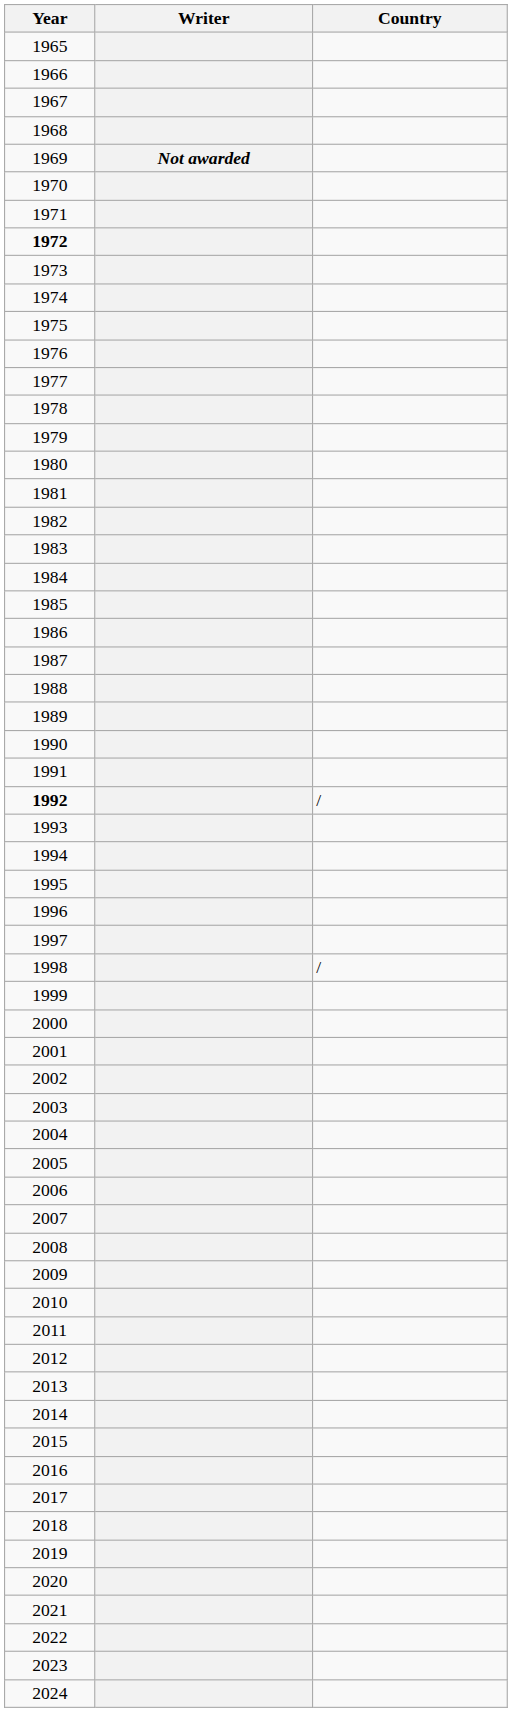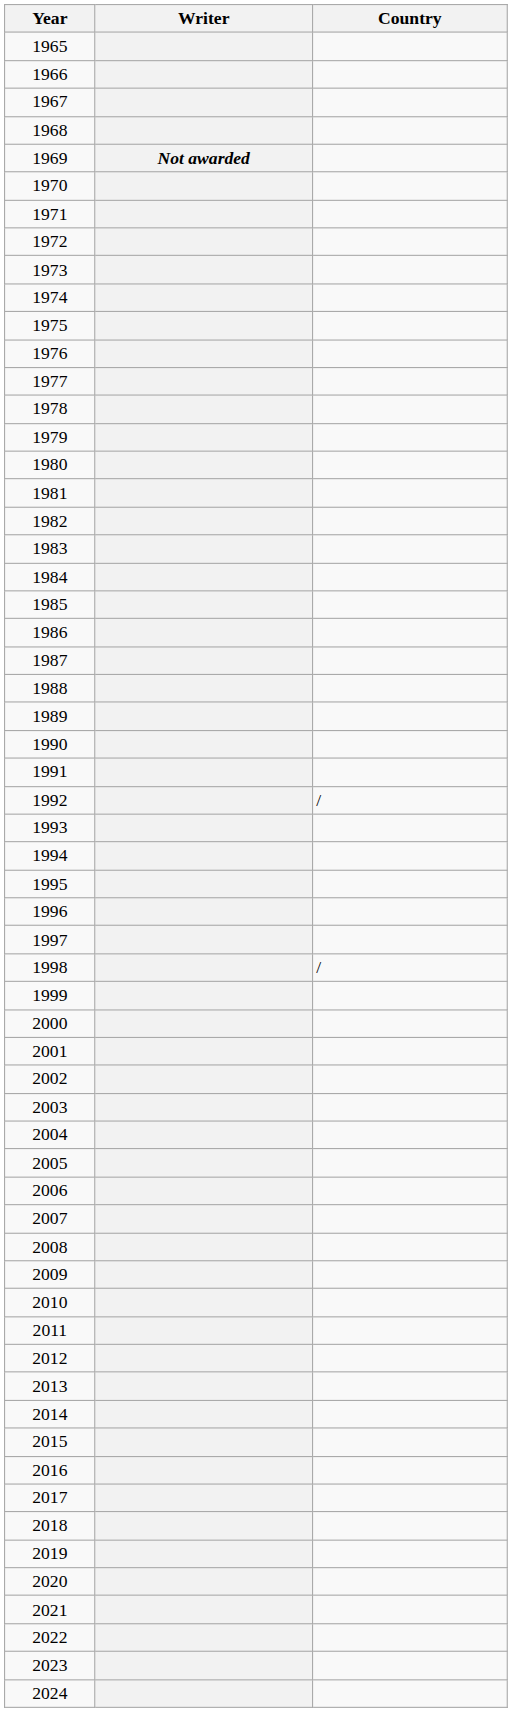 <table class="sortable wikitable plainrowheaders">
 <tr>
 <th scope="col" width=75>Year</th>
 <th scope="col" width=190>Writer</th>
 <th scope="col" width=170>Country</th>
 </tr>
 <tr>
 <td align=center>1965</td>
 <th scope=row></th>
 <td></td>
 </tr>
 <tr>
 <td align=center>1966</td>
 <th scope=row></th>
 <td></td>
 </tr>
 <tr>
 <td align=center>1967</td>
 <th scope=row></th>
 <td></td>
 </tr>
 <tr>
 <td align=center>1968</td>
 <th scope=row></th>
 <td></td>
 </tr>
 <tr>
 <td align=center>1969</td>
 <th scope=row><em>Not awarded</em></th>
 <td></td>
 </tr>
 <tr>
 <td align=center>1970</td>
 <th scope=row></th>
 <td></td>
 </tr>
 <tr>
 <td align=center>1971</td>
 <th scope=row></th>
 <td></td>
 </tr>
 <tr>
-<td align=center><strong>1972</strong></td>
+<td align=center>1972</td>
 <th scope=row></th>
 <td></td>
 </tr>
 <tr>
 <td align=center>1973</td>
 <th scope=row></th>
 <td></td>
 </tr>
 <tr>
 <td align=center>1974</td>
 <th scope=row></th>
 <td></td>
 </tr>
 <tr>
 <td align=center>1975</td>
 <th scope=row></th>
 <td></td>
 </tr>
 <tr>
 <td align=center>1976</td>
 <th scope=row></th>
 <td></td>
 </tr>
 <tr>
 <td align=center>1977</td>
 <th scope=row></th>
 <td></td>
 </tr>
 <tr>
 <td align=center>1978</td>
 <th scope=row></th>
 <td></td>
 </tr>
 <tr>
 <td align=center>1979</td>
 <th scope=row></th>
 <td></td>
 </tr>
 <tr>
 <td align=center>1980</td>
 <th scope=row></th>
 <td></td>
 </tr>
 <tr>
 <td align=center>1981</td>
 <th scope=row></th>
 <td></td>
 </tr>
 <tr>
 <td align=center>1982</td>
 <th scope=row></th>
 <td></td>
 </tr>
 <tr>
 <td align=center>1983</td>
 <th scope=row></th>
 <td></td>
 </tr>
 <tr>
 <td align=center>1984</td>
 <th scope=row></th>
 <td></td>
 </tr>
 <tr>
 <td align=center>1985</td>
 <th scope=row></th>
 <td></td>
 </tr>
 <tr>
 <td align=center>1986</td>
 <th scope=row></th>
 <td></td>
 </tr>
 <tr>
 <td align=center>1987</td>
 <th scope=row></th>
 <td></td>
 </tr>
 <tr>
 <td align=center>1988</td>
 <th scope=row></th>
 <td></td>
 </tr>
 <tr>
 <td align=center>1989</td>
 <th scope=row></th>
 <td></td>
 </tr>
 <tr>
 <td align=center>1990</td>
 <th scope=row></th>
 <td></td>
 </tr>
 <tr>
 <td align=center>1991</td>
 <th scope=row></th>
 <td></td>
 </tr>
 <tr>
-<td align=center><strong>1992</strong></td>
+<td align=center>1992</td>
 <th scope=row></th>
 <td>/</td>
 </tr>
 <tr>
 <td align=center>1993</td>
 <th scope=row></th>
 <td></td>
 </tr>
 <tr>
 <td align=center>1994</td>
 <th scope=row></th>
 <td></td>
 </tr>
 <tr>
 <td align=center>1995</td>
 <th scope=row></th>
 <td></td>
 </tr>
 <tr>
 <td align=center>1996</td>
 <th scope=row></th>
 <td></td>
 </tr>
 <tr>
 <td align=center>1997</td>
 <th scope=row></th>
 <td></td>
 </tr>
 <tr>
 <td align=center>1998</td>
 <th scope=row></th>
 <td>/</td>
 </tr>
 <tr>
 <td align=center>1999</td>
 <th scope=row></th>
 <td></td>
 </tr>
 <tr>
 <td align=center>2000</td>
 <th scope=row></th>
 <td></td>
 </tr>
 <tr>
 <td align=center>2001</td>
 <th scope=row></th>
 <td></td>
 </tr>
 <tr>
 <td align=center>2002</td>
 <th scope=row></th>
 <td></td>
 </tr>
 <tr>
 <td align=center>2003</td>
 <th scope=row></th>
 <td></td>
 </tr>
 <tr>
 <td align=center>2004</td>
 <th scope=row></th>
 <td></td>
 </tr>
 <tr>
 <td align=center>2005</td>
 <th scope=row></th>
 <td></td>
 </tr>
 <tr>
 <td align=center>2006</td>
 <th scope=row></th>
 <td></td>
 </tr>
 <tr>
 <td align=center>2007</td>
 <th scope=row></th>
 <td></td>
 </tr>
 <tr>
 <td align=center>2008</td>
 <th scope=row></th>
 <td></td>
 </tr>
 <tr>
 <td align=center>2009</td>
 <th scope=row></th>
 <td></td>
 </tr>
 <tr>
 <td align=center>2010</td>
 <th scope=row></th>
 <td></td>
 </tr>
 <tr>
 <td align=center>2011</td>
 <th scope=row></th>
 <td></td>
 </tr>
 <tr>
 <td align=center>2012</td>
 <th scope=row></th>
 <td></td>
 </tr>
 <tr>
 <td align=center>2013</td>
 <th scope=row></th>
 <td></td>
 </tr>
 <tr>
 <td align=center>2014</td>
 <th scope=row></th>
 <td></td>
 </tr>
 <tr>
 <td align=center>2015</td>
 <th scope=row></th>
 <td></td>
 </tr>
 <tr>
 <td align=center>2016</td>
 <th scope=row></th>
 <td></td>
 </tr>
 <tr>
 <td align=center>2017</td>
 <th scope=row></th>
 <td></td>
 </tr>
 <tr>
 <td align=center>2018</td>
 <th scope=row></th>
 <td></td>
 </tr>
 <tr>
 <td align=center>2019</td>
 <th scope=row></th>
 <td></td>
 </tr>
 <tr>
 <td align=center>2020</td>
 <th scope=row></th>
 <td></td>
 </tr>
 <tr>
 <td align=center>2021</td>
 <th scope=row></th>
 <td></td>
 </tr>
 <tr>
 <td align=center>2022</td>
 <th scope=row></th>
 <td></td>
 </tr>
 <tr>
 <td align=center>2023</td>
 <th scope=row></th>
 <td></td>
 </tr>
 <tr>
 <td align=center>2024</td>
 <th scope=row></th>
 <td></td>
 </tr>
 </table>
